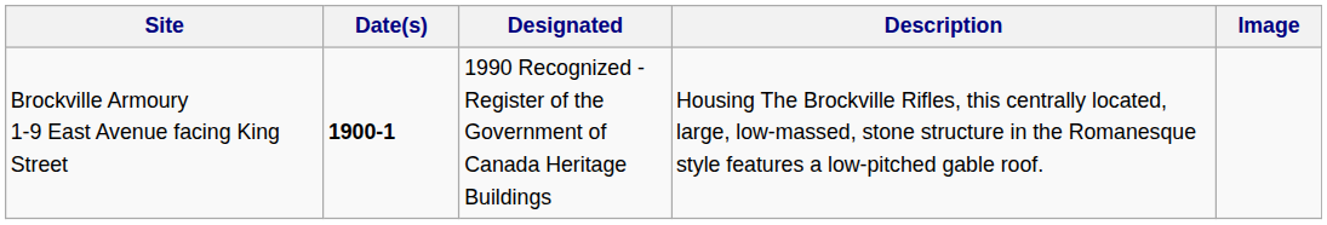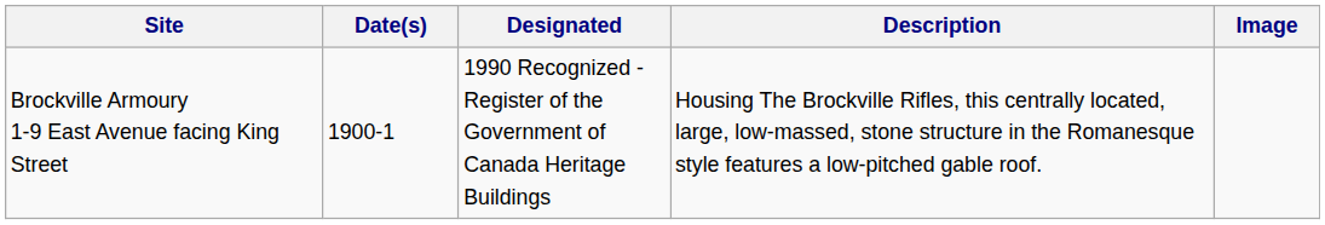 <table class="wikitable sortable" style="font-size:90%;width:100%;border:0px;text-align:left;line-height:150%;">
 <tr>
 <th style="background: #f2f2f2; color: #000080" width="21%">Site</th>
 <th style="background: #f2f2f2; color: #000080" width="9%">Date(s)</th>
 <th style="background: #f2f2f2; color: #000080" width="14%">Designated</th>
 <th style="background: #f2f2f2; color: #000080" width="36%" class="unsortable">Description</th>
 <th style="background: #f2f2f2; color: #000080" width="7%" class="unsortable">Image</th>
 </tr>
 <tr>
 <td>Brockville Armoury <br>1-9 East Avenue facing King Street</td>
-<td><strong>1900-1</strong></td>
+<td>1900-1</td>
 <td>1990 Recognized - Register of the Government of Canada Heritage Buildings</td>
 <td>Housing The Brockville Rifles, this centrally located, large, low-massed, stone structure in the Romanesque style features a low-pitched gable roof.</td>
 <td></td>
 </tr>
 <tr>
 </tr>
 </table>
